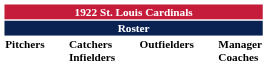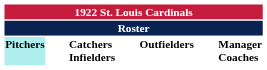 <table class="toccolours" style="font-size: 95%;">
 <tr>
 <th colspan="10" style="background-color: #c41c3a; color: white; text-align: center;">1922 St. Louis Cardinals</th>
 </tr>
 <tr>
 <td colspan="10" style="background-color: #0a2252; color: white; text-align: center;"><strong>Roster</strong></td>
 </tr>
 <tr>
-<td valign="top"><strong>Pitchers</strong><br>              </td>
+<td valign="top" style="background: paleturquoise;"><strong>Pitchers</strong><br>              </td>
 <td width="25px"></td>
 <td valign="top"><strong>Catchers</strong><br>    <strong>Infielders</strong>        </td>
 <td width="25px"></td>
 <td valign="top"><strong>Outfielders</strong><br>        </td>
 <td width="25px"></td>
 <td valign="top"><strong>Manager</strong><br> <strong>Coaches</strong>  </td>
 </tr>
 </table>
